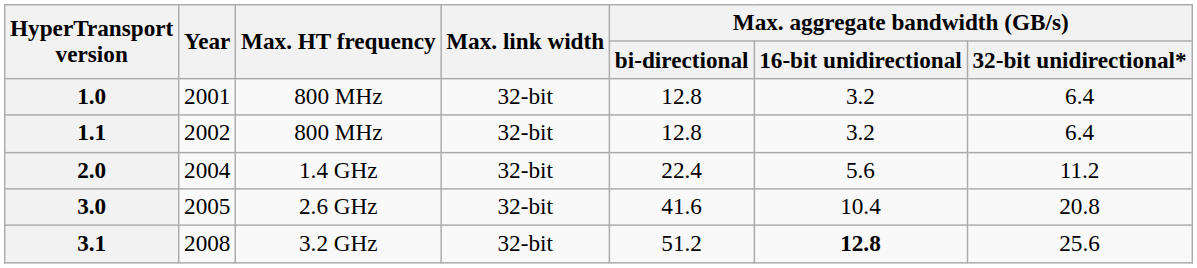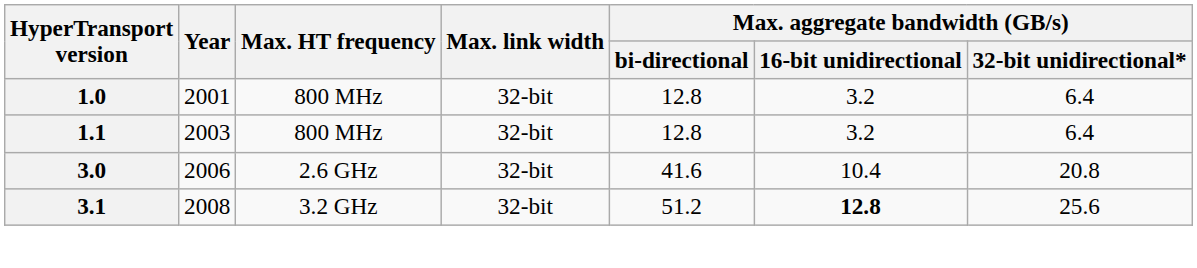 <table class="wikitable" style="text-align:center; vetical-align:center;">
 <tr>
 <th rowspan=2>HyperTransport<br>version</th>
 <th rowspan=2>Year</th>
 <th rowspan=2>Max. HT frequency</th>
 <th rowspan=2>Max. link width</th>
 <th colspan=3>Max. aggregate bandwidth (GB/s)</th>
 </tr>
 <tr>
 <th>bi-directional</th>
 <th>16-bit unidirectional</th>
 <th>32-bit unidirectional*</th>
 </tr>
 <tr>
 <th>1.0</th>
 <td>2001</td>
 <td>800 MHz</td>
 <td>32-bit</td>
 <td>12.8</td>
 <td>3.2</td>
 <td>6.4</td>
 </tr>
 <tr>
 <th>1.1</th>
-<td>2002</td>
+<td>2003</td>
 <td>800 MHz</td>
 <td>32-bit</td>
 <td>12.8</td>
 <td>3.2</td>
 <td>6.4</td>
 </tr>
 <tr>
-<th>2.0</th>
-<td>2004</td>
-<td>1.4 GHz</td>
-<td>32-bit</td>
-<td>22.4</td>
-<td>5.6</td>
-<td>11.2</td>
-</tr>
-<tr>
 <th>3.0</th>
-<td>2005</td>
+<td>2006</td>
 <td>2.6 GHz</td>
 <td>32-bit</td>
 <td>41.6</td>
 <td>10.4</td>
 <td>20.8</td>
 </tr>
 <tr>
 <th>3.1</th>
 <td>2008</td>
 <td>3.2 GHz</td>
 <td>32-bit</td>
 <td>51.2</td>
 <td><strong>12.8</strong></td>
 <td>25.6</td>
 </tr>
 </table>
